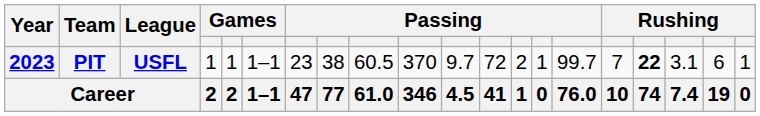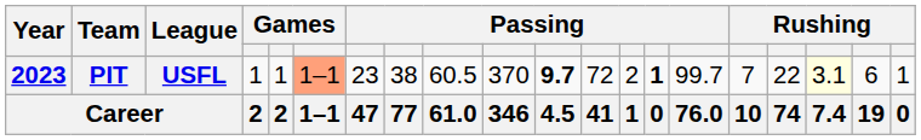 <table class="wikitable" style="text-align:center;">
 <tr>
 <th rowspan="2">Year</th>
 <th rowspan="2">Team</th>
 <th rowspan="2">League</th>
 <th colspan="3">Games</th>
 <th colspan="9">Passing</th>
 <th colspan="5">Rushing</th>
 </tr>
 <tr>
 <th></th>
 <th></th>
 <th></th>
 <th></th>
 <th></th>
 <th></th>
 <th></th>
 <th></th>
 <th></th>
 <th></th>
 <th></th>
 <th></th>
 <th></th>
 <th></th>
 <th></th>
 <th></th>
 <th></th>
 </tr>
 <tr>
 <th><a href='#'>2023</a></th>
 <th><a href='#'>PIT</a></th>
 <th><a href='#'>USFL</a></th>
 <td>1</td>
 <td>1</td>
-<td>1–1</td>
+<td style="background: lightsalmon;">1–1</td>
 <td>23</td>
 <td>38</td>
 <td>60.5</td>
 <td>370</td>
-<td>9.7</td>
+<td><strong>9.7</strong></td>
 <td>72</td>
 <td>2</td>
-<td>1</td>
+<td><strong>1</strong></td>
 <td>99.7</td>
 <td>7</td>
-<td><strong>22</strong></td>
-<td>3.1</td>
+<td>22</td>
+<td style="background: lightyellow;">3.1</td>
 <td>6</td>
 <td>1</td>
 </tr>
 <tr>
 <th colspan="3">Career</th>
 <th>2</th>
 <th>2</th>
 <th>1–1</th>
 <th>47</th>
 <th>77</th>
 <th>61.0</th>
 <th>346</th>
 <th>4.5</th>
 <th>41</th>
 <th>1</th>
 <th>0</th>
 <th>76.0</th>
 <th>10</th>
 <th>74</th>
 <th>7.4</th>
 <th>19</th>
 <th>0</th>
 </tr>
 </table>
